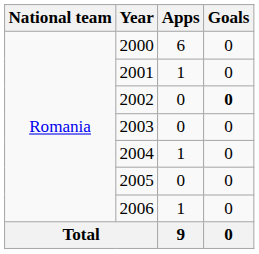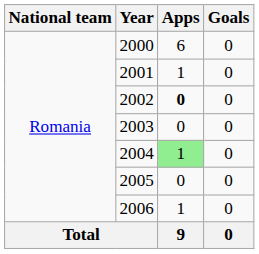 <table class="wikitable" style="text-align:center">
 <tr>
 <th>National team</th>
 <th>Year</th>
 <th>Apps</th>
 <th>Goals</th>
 </tr>
 <tr>
 <td rowspan="7"><a href='#'>Romania</a></td>
 <td>2000</td>
 <td>6</td>
 <td>0</td>
 </tr>
 <tr>
 <td>2001</td>
 <td>1</td>
 <td>0</td>
 </tr>
 <tr>
 <td>2002</td>
+<td><strong>0</strong></td>
 <td>0</td>
-<td><strong>0</strong></td>
 </tr>
 <tr>
 <td>2003</td>
 <td>0</td>
 <td>0</td>
 </tr>
 <tr>
 <td>2004</td>
-<td>1</td>
+<td style="background: lightgreen;">1</td>
 <td>0</td>
 </tr>
 <tr>
 <td>2005</td>
 <td>0</td>
 <td>0</td>
 </tr>
 <tr>
 <td>2006</td>
 <td>1</td>
 <td>0</td>
 </tr>
 <tr>
 <th colspan="2">Total</th>
 <th>9</th>
 <th>0</th>
 </tr>
 </table>
